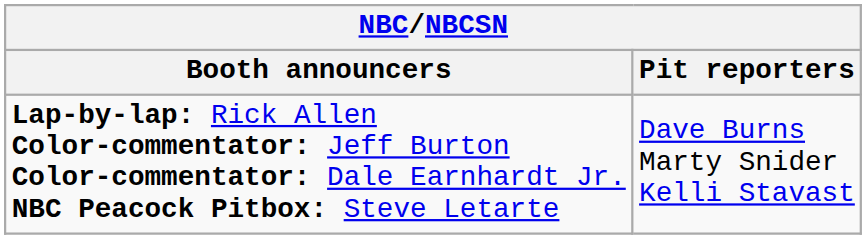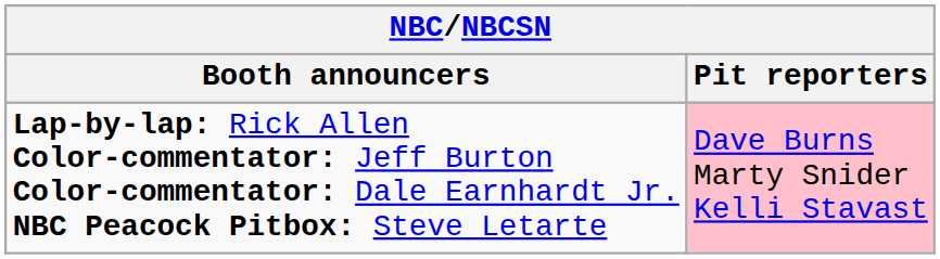 <table class="wikitable" style="font-size: 95%">
 <tr>
 <th colspan="2"><a href='#'>NBC</a>/<a href='#'>NBCSN</a></th>
 </tr>
 <tr>
 <th>Booth announcers</th>
 <th>Pit reporters</th>
 </tr>
 <tr>
 <td><strong>Lap-by-lap:</strong> <a href='#'>Rick Allen</a><br><strong>Color-commentator:</strong> <a href='#'>Jeff Burton</a><br><strong>Color-commentator:</strong> <a href='#'>Dale Earnhardt Jr.</a><br><strong>NBC Peacock Pitbox:</strong> <a href='#'>Steve Letarte</a></td>
-<td><a href='#'>Dave Burns</a><br>Marty Snider<br><a href='#'>Kelli Stavast</a></td>
+<td style="background: pink;"><a href='#'>Dave Burns</a><br>Marty Snider<br><a href='#'>Kelli Stavast</a></td>
 </tr>
 </table>
